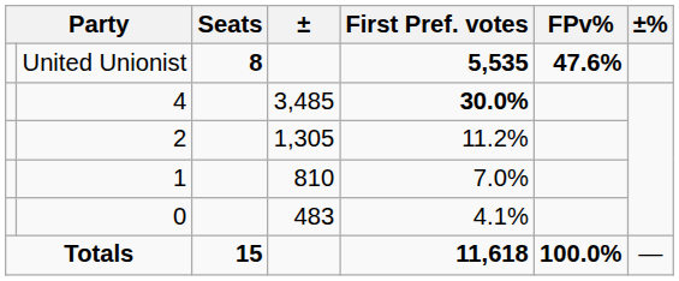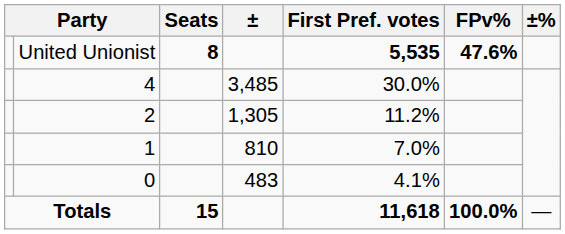 <table class=wikitable>
 <tr>
 <th colspan=2 align=center>Party</th>
 <th valign=top>Seats</th>
 <th valign=top>±</th>
 <th valign=top>First Pref. votes</th>
 <th valign=top>FPv%</th>
 <th valign=top>±%</th>
 </tr>
 <tr>
 <td></td>
 <td>United Unionist</td>
 <td align=right><strong>8</strong></td>
 <td align=right></td>
 <td align=right><strong>5,535</strong></td>
 <td align=right><strong>47.6%</strong></td>
 <td align=right></td>
 </tr>
 <tr>
 <td></td>
 <td align=right>4</td>
 <td align=right></td>
 <td align=right>3,485</td>
-<td align=right><strong>30.0%</strong></td>
+<td align=right>30.0%</td>
 <td align=right></td>
 </tr>
 <tr>
 <td></td>
 <td align=right>2</td>
 <td align=right></td>
 <td align=right>1,305</td>
 <td align=right>11.2%</td>
 <td align=right></td>
 </tr>
 <tr>
 <td></td>
 <td align=right>1</td>
 <td align=right></td>
 <td align=right>810</td>
 <td align=right>7.0%</td>
 <td align=right></td>
 </tr>
 <tr>
 <td></td>
 <td align=right>0</td>
 <td align=right></td>
 <td align=right>483</td>
 <td align=right>4.1%</td>
 <td align=right></td>
 </tr>
 <tr>
 <td colspan=2 align=center><strong>Totals</strong></td>
 <td align=right><strong>15</strong></td>
 <td align=center></td>
 <td align=right><strong>11,618</strong></td>
 <td align=center><strong>100.0%</strong></td>
 <td align=center>—</td>
 </tr>
 </table>
